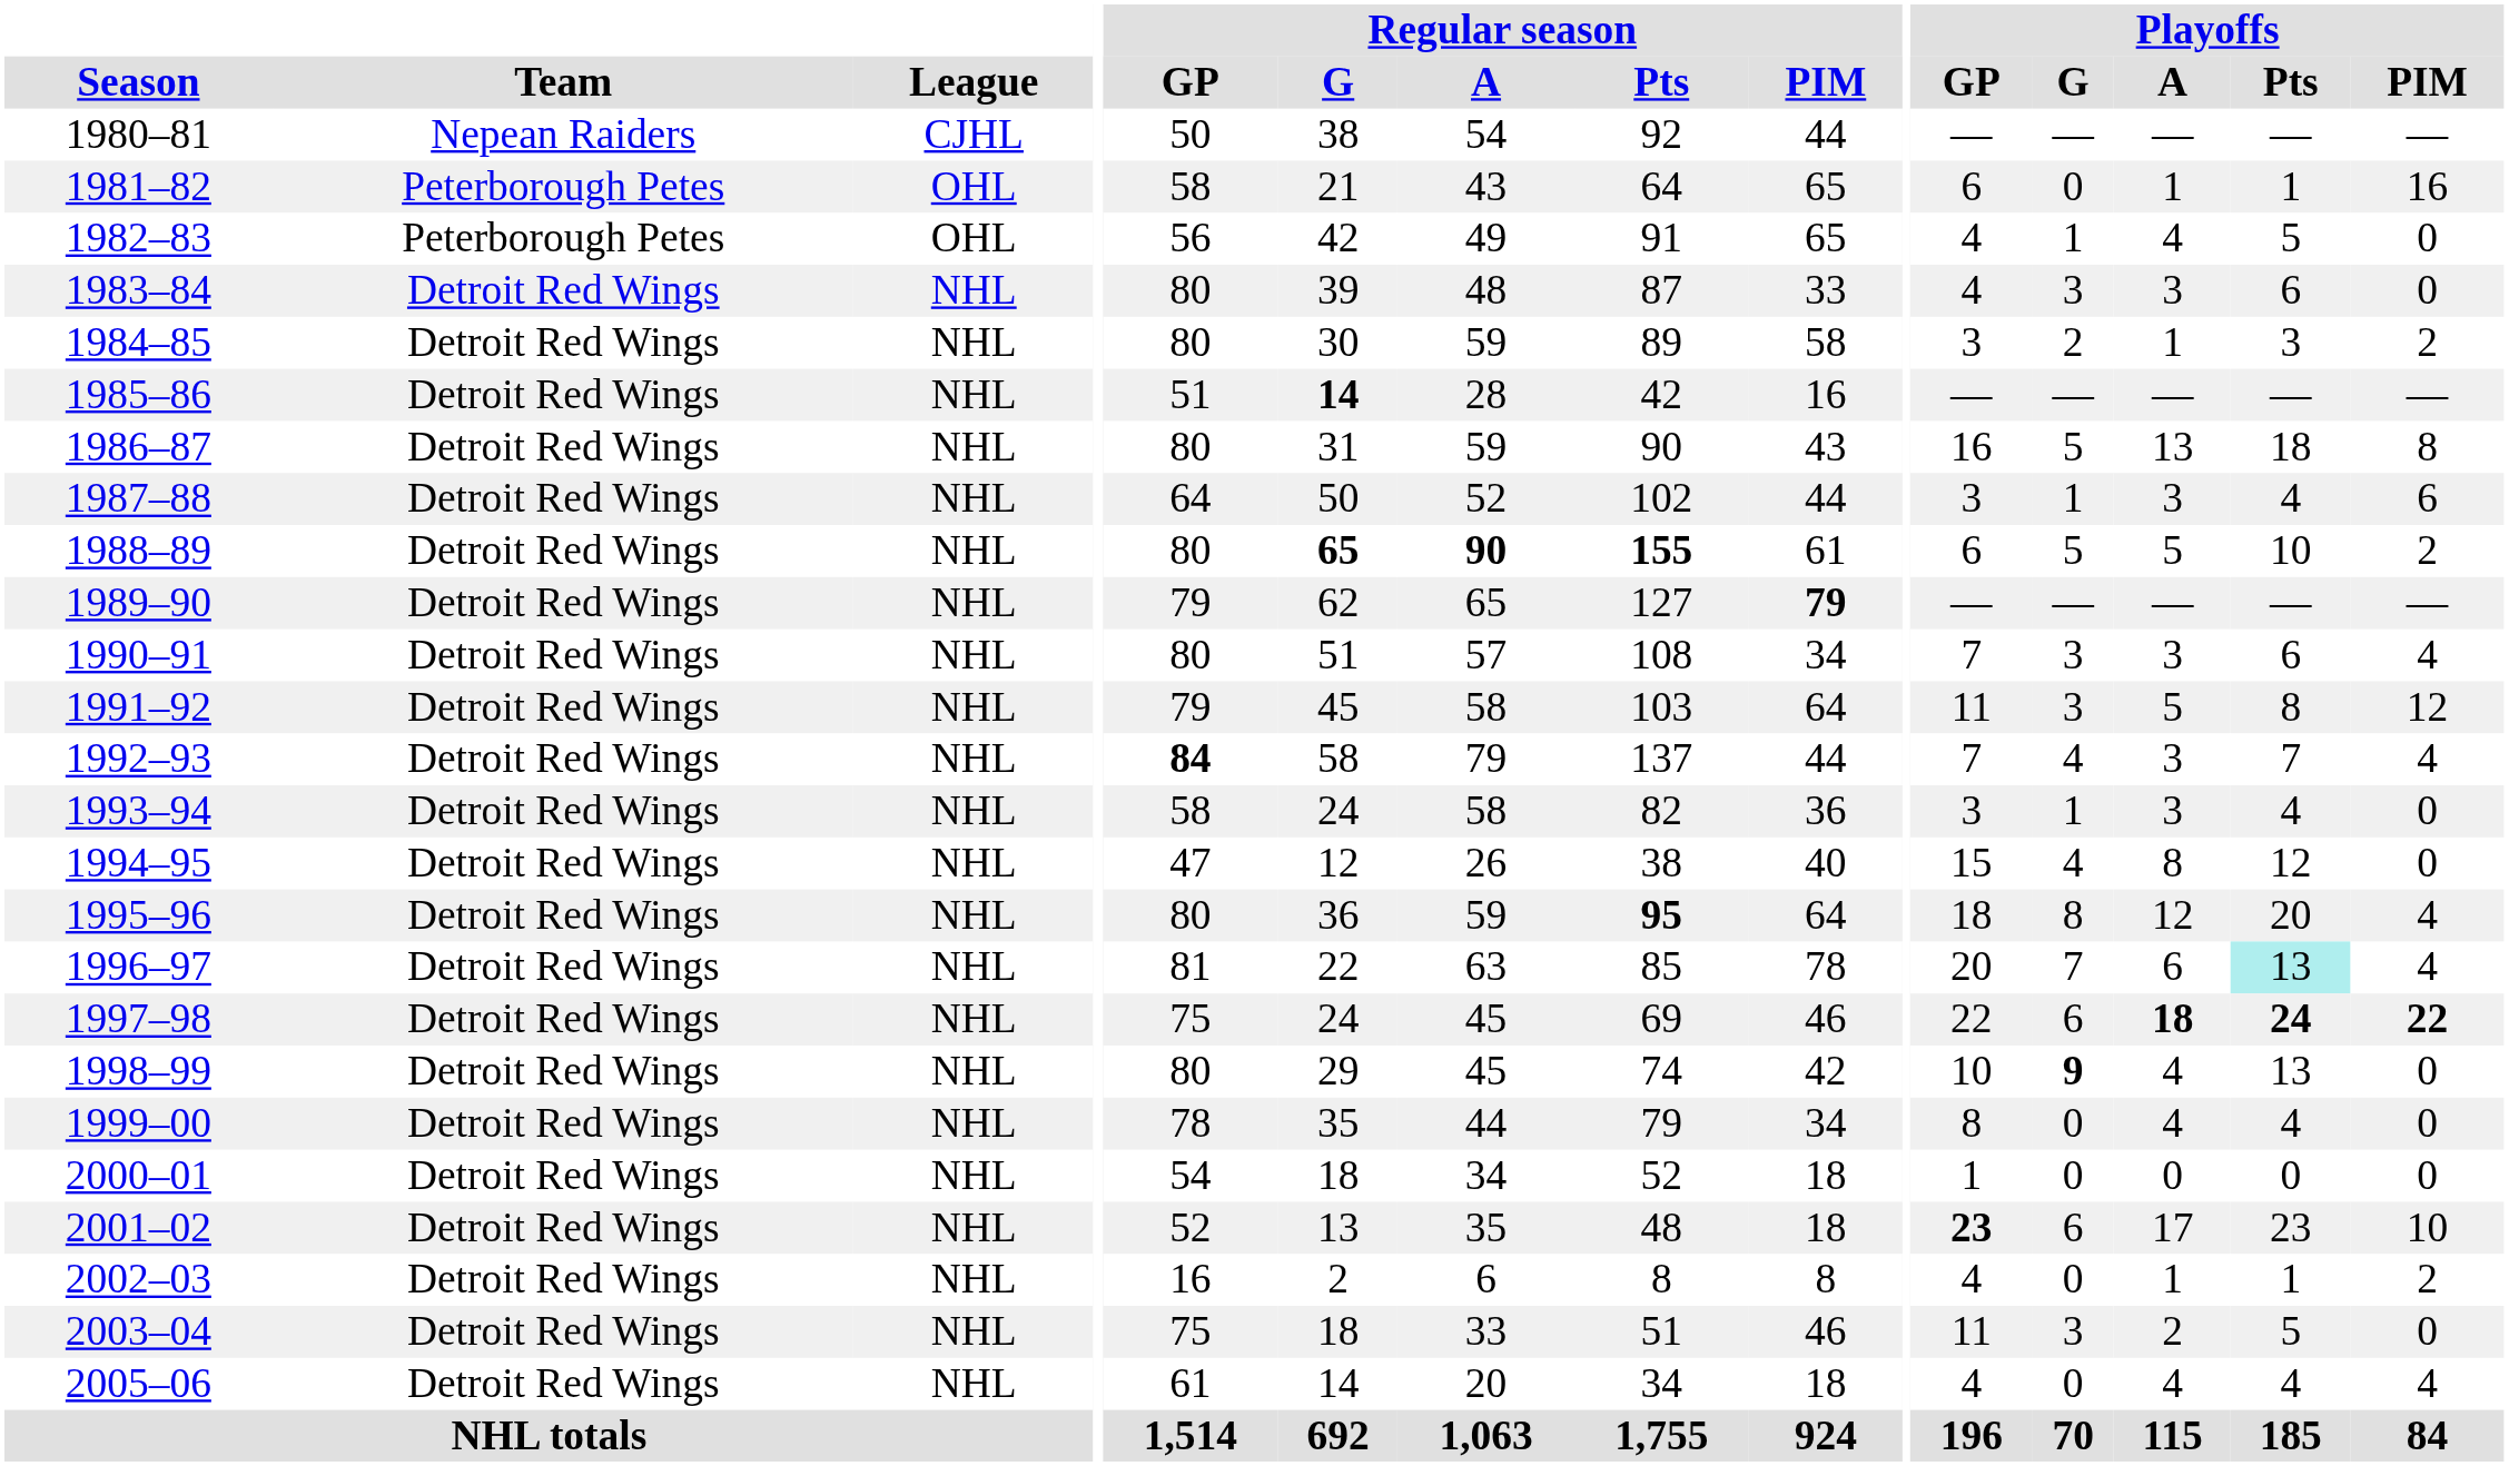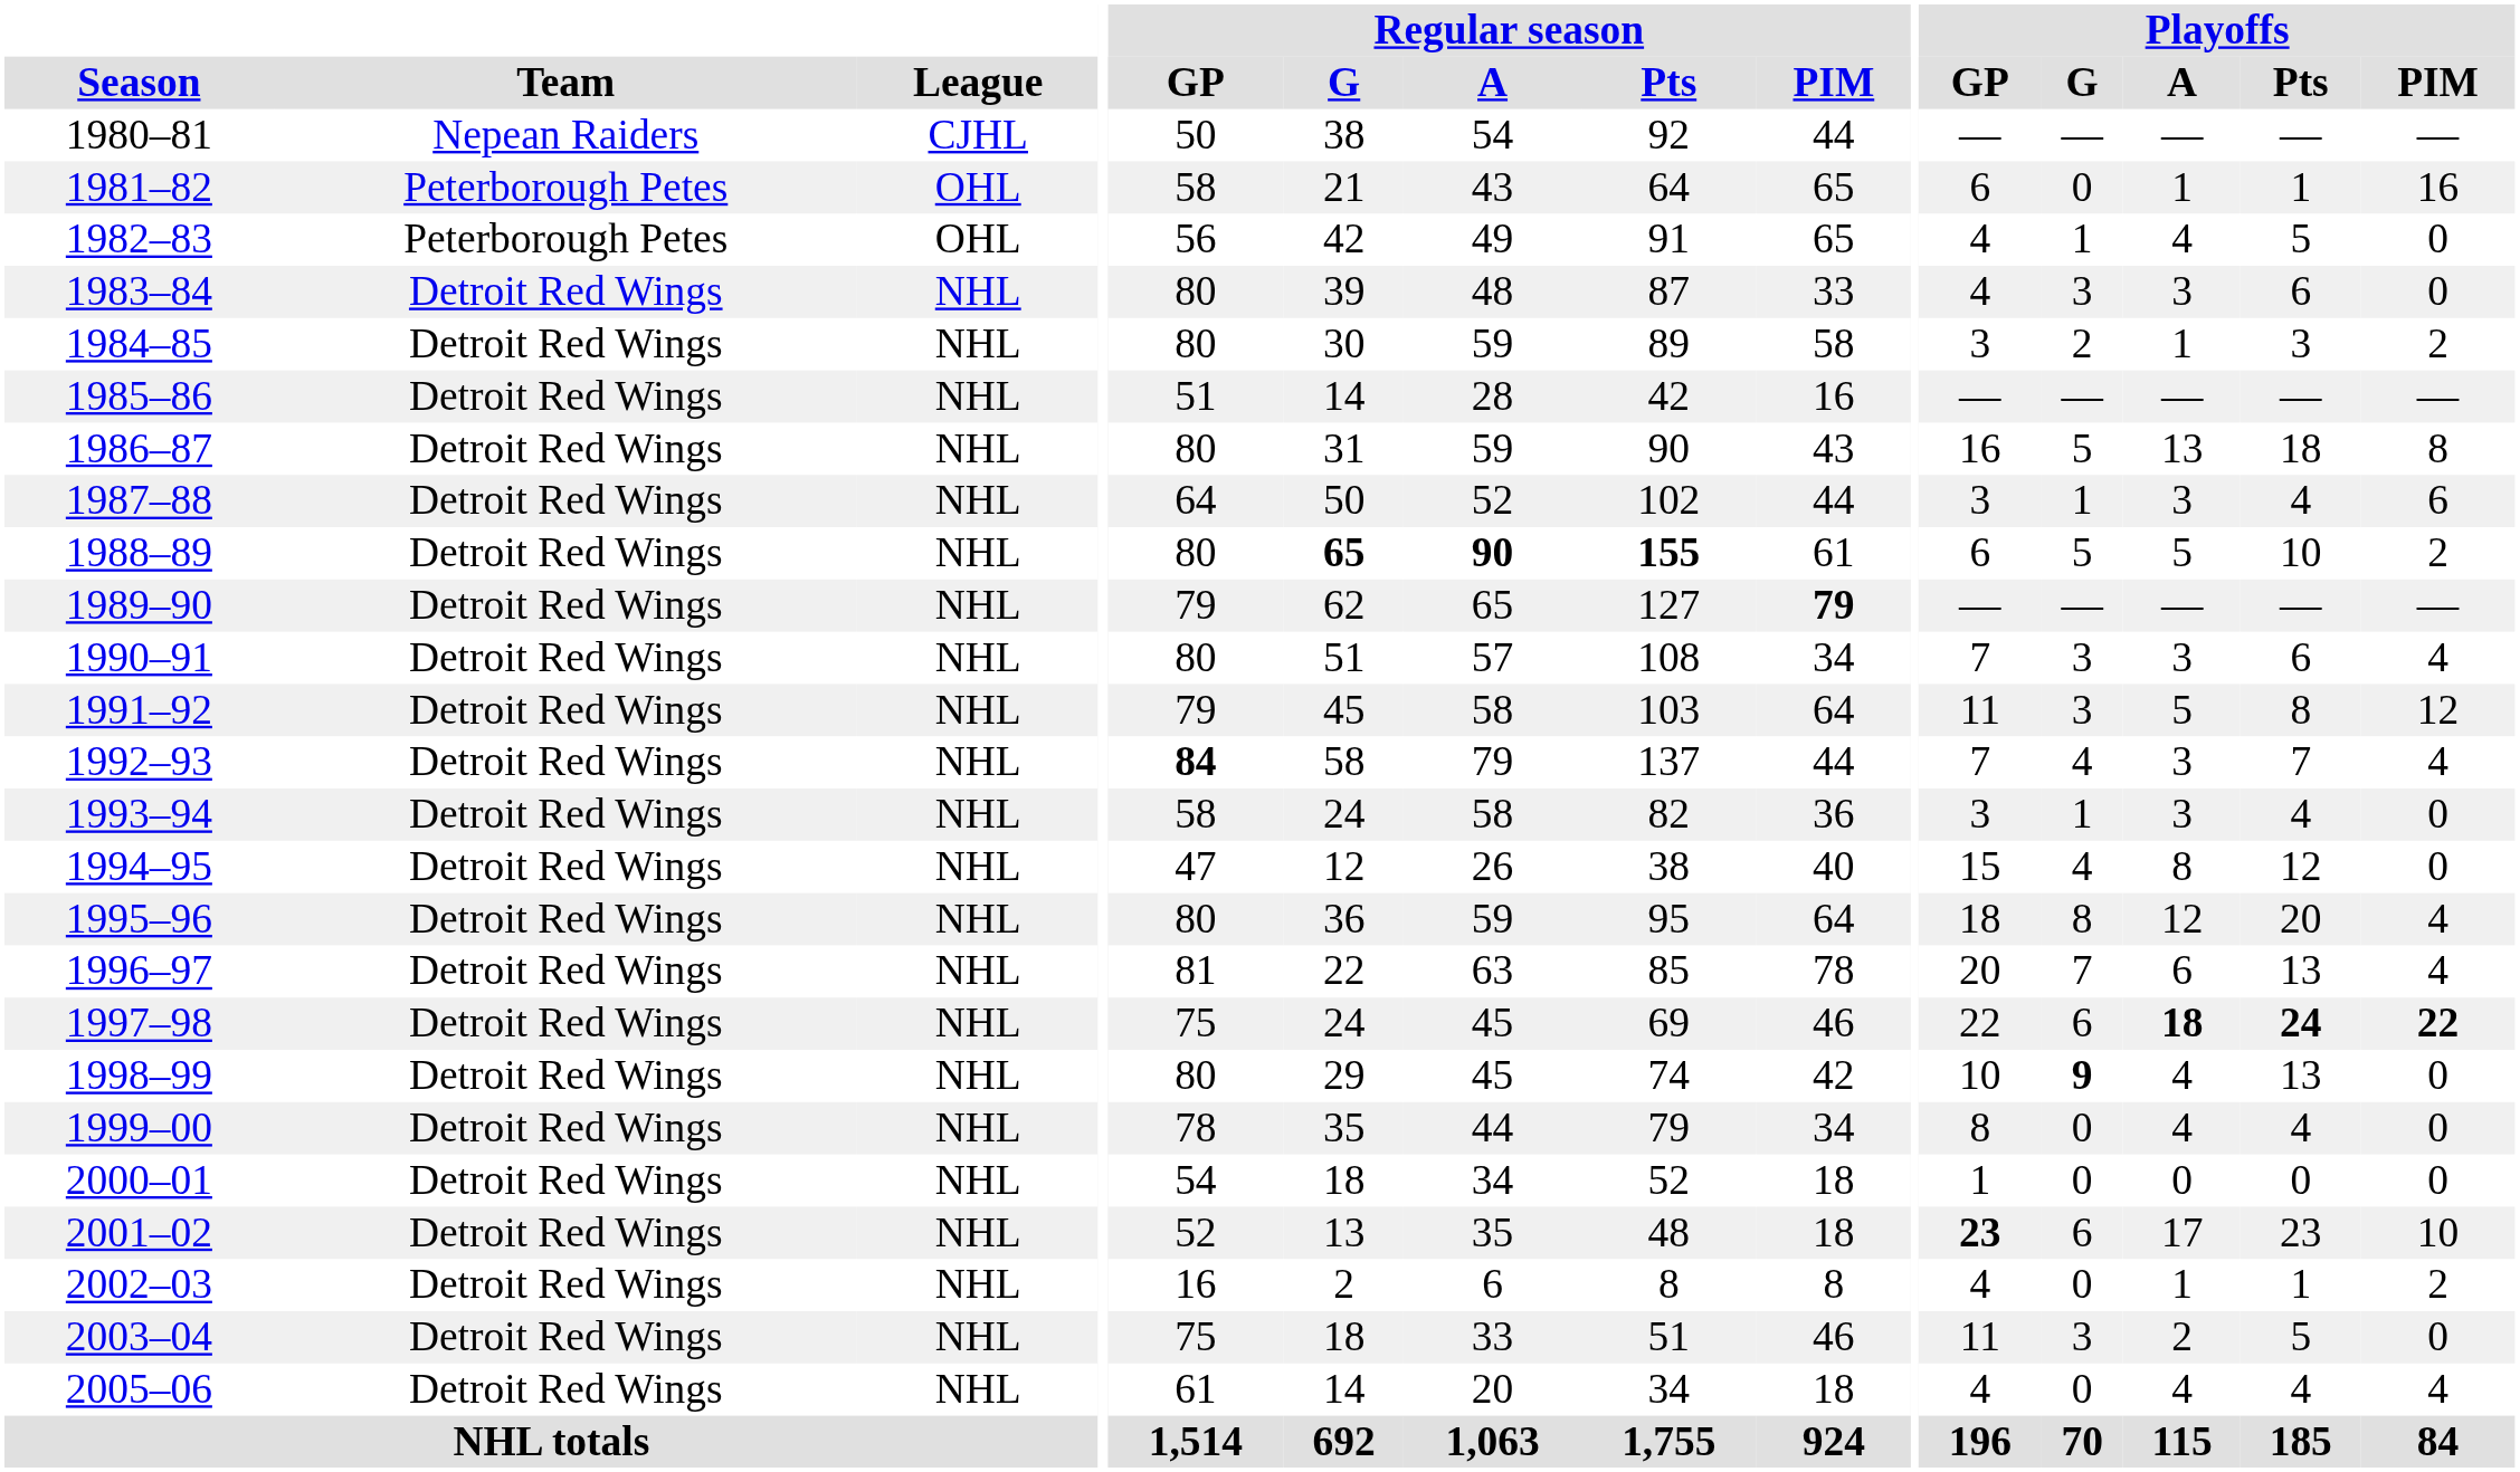 <table border="0" cellpadding="1" cellspacing="0" style="text-align:center; width:60em">
 <tr bgcolor="#e0e0e0">
 <th colspan="3" bgcolor="#ffffff"></th>
 <th rowspan="100" bgcolor="#ffffff"></th>
 <th colspan="5"><a href='#'>Regular season</a></th>
 <th rowspan="100" bgcolor="#ffffff"></th>
 <th colspan="5"><a href='#'>Playoffs</a></th>
 </tr>
 <tr bgcolor="#e0e0e0">
 <th><a href='#'>Season</a></th>
 <th>Team</th>
 <th>League</th>
 <th>GP</th>
 <th><a href='#'>G</a></th>
 <th><a href='#'>A</a></th>
 <th><a href='#'>Pts</a></th>
 <th><a href='#'>PIM</a></th>
 <th>GP</th>
 <th>G</th>
 <th>A</th>
 <th>Pts</th>
 <th>PIM</th>
 </tr>
 <tr>
 <td>1980–81</td>
 <td><a href='#'>Nepean Raiders</a></td>
 <td><a href='#'>CJHL</a></td>
 <td>50</td>
 <td>38</td>
 <td>54</td>
 <td>92</td>
 <td>44</td>
 <td>—</td>
 <td>—</td>
 <td>—</td>
 <td>—</td>
 <td>—</td>
 </tr>
 <tr bgcolor="#f0f0f0">
 <td><a href='#'>1981–82</a></td>
 <td><a href='#'>Peterborough Petes</a></td>
 <td><a href='#'>OHL</a></td>
 <td>58</td>
 <td>21</td>
 <td>43</td>
 <td>64</td>
 <td>65</td>
 <td>6</td>
 <td>0</td>
 <td>1</td>
 <td>1</td>
 <td>16</td>
 </tr>
 <tr>
 <td><a href='#'>1982–83</a></td>
 <td>Peterborough Petes</td>
 <td>OHL</td>
 <td>56</td>
 <td>42</td>
 <td>49</td>
 <td>91</td>
 <td>65</td>
 <td>4</td>
 <td>1</td>
 <td>4</td>
 <td>5</td>
 <td>0</td>
 </tr>
 <tr bgcolor="#f0f0f0">
 <td><a href='#'>1983–84</a></td>
 <td><a href='#'>Detroit Red Wings</a></td>
 <td><a href='#'>NHL</a></td>
 <td>80</td>
 <td>39</td>
 <td>48</td>
 <td>87</td>
 <td>33</td>
 <td>4</td>
 <td>3</td>
 <td>3</td>
 <td>6</td>
 <td>0</td>
 </tr>
 <tr>
 <td><a href='#'>1984–85</a></td>
 <td>Detroit Red Wings</td>
 <td>NHL</td>
 <td>80</td>
 <td>30</td>
 <td>59</td>
 <td>89</td>
 <td>58</td>
 <td>3</td>
 <td>2</td>
 <td>1</td>
 <td>3</td>
 <td>2</td>
 </tr>
 <tr bgcolor="#f0f0f0">
 <td><a href='#'>1985–86</a></td>
 <td>Detroit Red Wings</td>
 <td>NHL</td>
 <td>51</td>
-<td><strong>14</strong></td>
+<td>14</td>
 <td>28</td>
 <td>42</td>
 <td>16</td>
 <td>—</td>
 <td>—</td>
 <td>—</td>
 <td>—</td>
 <td>—</td>
 </tr>
 <tr>
 <td><a href='#'>1986–87</a></td>
 <td>Detroit Red Wings</td>
 <td>NHL</td>
 <td>80</td>
 <td>31</td>
 <td>59</td>
 <td>90</td>
 <td>43</td>
 <td>16</td>
 <td>5</td>
 <td>13</td>
 <td>18</td>
 <td>8</td>
 </tr>
 <tr bgcolor="#f0f0f0">
 <td><a href='#'>1987–88</a></td>
 <td>Detroit Red Wings</td>
 <td>NHL</td>
 <td>64</td>
 <td>50</td>
 <td>52</td>
 <td>102</td>
 <td>44</td>
 <td>3</td>
 <td>1</td>
 <td>3</td>
 <td>4</td>
 <td>6</td>
 </tr>
 <tr>
 <td><a href='#'>1988–89</a></td>
 <td>Detroit Red Wings</td>
 <td>NHL</td>
 <td>80</td>
 <td><strong>65</strong></td>
 <td><strong>90</strong></td>
 <td><strong>155</strong></td>
 <td>61</td>
 <td>6</td>
 <td>5</td>
 <td>5</td>
 <td>10</td>
 <td>2</td>
 </tr>
 <tr bgcolor="#f0f0f0">
 <td><a href='#'>1989–90</a></td>
 <td>Detroit Red Wings</td>
 <td>NHL</td>
 <td>79</td>
 <td>62</td>
 <td>65</td>
 <td>127</td>
 <td><strong>79</strong></td>
 <td>—</td>
 <td>—</td>
 <td>—</td>
 <td>—</td>
 <td>—</td>
 </tr>
 <tr>
 <td><a href='#'>1990–91</a></td>
 <td>Detroit Red Wings</td>
 <td>NHL</td>
 <td>80</td>
 <td>51</td>
 <td>57</td>
 <td>108</td>
 <td>34</td>
 <td>7</td>
 <td>3</td>
 <td>3</td>
 <td>6</td>
 <td>4</td>
 </tr>
 <tr bgcolor="#f0f0f0">
 <td><a href='#'>1991–92</a></td>
 <td>Detroit Red Wings</td>
 <td>NHL</td>
 <td>79</td>
 <td>45</td>
 <td>58</td>
 <td>103</td>
 <td>64</td>
 <td>11</td>
 <td>3</td>
 <td>5</td>
 <td>8</td>
 <td>12</td>
 </tr>
 <tr>
 <td><a href='#'>1992–93</a></td>
 <td>Detroit Red Wings</td>
 <td>NHL</td>
 <td><strong>84</strong></td>
 <td>58</td>
 <td>79</td>
 <td>137</td>
 <td>44</td>
 <td>7</td>
 <td>4</td>
 <td>3</td>
 <td>7</td>
 <td>4</td>
 </tr>
 <tr bgcolor="#f0f0f0">
 <td><a href='#'>1993–94</a></td>
 <td>Detroit Red Wings</td>
 <td>NHL</td>
 <td>58</td>
 <td>24</td>
 <td>58</td>
 <td>82</td>
 <td>36</td>
 <td>3</td>
 <td>1</td>
 <td>3</td>
 <td>4</td>
 <td>0</td>
 </tr>
 <tr>
 <td><a href='#'>1994–95</a></td>
 <td>Detroit Red Wings</td>
 <td>NHL</td>
 <td>47</td>
 <td>12</td>
 <td>26</td>
 <td>38</td>
 <td>40</td>
 <td>15</td>
 <td>4</td>
 <td>8</td>
 <td>12</td>
 <td>0</td>
 </tr>
 <tr bgcolor="#f0f0f0">
 <td><a href='#'>1995–96</a></td>
 <td>Detroit Red Wings</td>
 <td>NHL</td>
 <td>80</td>
 <td>36</td>
 <td>59</td>
-<td><strong>95</strong></td>
+<td>95</td>
 <td>64</td>
 <td>18</td>
 <td>8</td>
 <td>12</td>
 <td>20</td>
 <td>4</td>
 </tr>
 <tr>
 <td><a href='#'>1996–97</a></td>
 <td>Detroit Red Wings</td>
 <td>NHL</td>
 <td>81</td>
 <td>22</td>
 <td>63</td>
 <td>85</td>
 <td>78</td>
 <td>20</td>
 <td>7</td>
 <td>6</td>
-<td style="background: paleturquoise;">13</td>
+<td>13</td>
 <td>4</td>
 </tr>
 <tr bgcolor="#f0f0f0">
 <td><a href='#'>1997–98</a></td>
 <td>Detroit Red Wings</td>
 <td>NHL</td>
 <td>75</td>
 <td>24</td>
 <td>45</td>
 <td>69</td>
 <td>46</td>
 <td>22</td>
 <td>6</td>
 <td><strong>18</strong></td>
 <td><strong>24</strong></td>
 <td><strong>22</strong></td>
 </tr>
 <tr>
 <td><a href='#'>1998–99</a></td>
 <td>Detroit Red Wings</td>
 <td>NHL</td>
 <td>80</td>
 <td>29</td>
 <td>45</td>
 <td>74</td>
 <td>42</td>
 <td>10</td>
 <td><strong>9</strong></td>
 <td>4</td>
 <td>13</td>
 <td>0</td>
 </tr>
 <tr bgcolor="#f0f0f0">
 <td><a href='#'>1999–00</a></td>
 <td>Detroit Red Wings</td>
 <td>NHL</td>
 <td>78</td>
 <td>35</td>
 <td>44</td>
 <td>79</td>
 <td>34</td>
 <td>8</td>
 <td>0</td>
 <td>4</td>
 <td>4</td>
 <td>0</td>
 </tr>
 <tr>
 <td><a href='#'>2000–01</a></td>
 <td>Detroit Red Wings</td>
 <td>NHL</td>
 <td>54</td>
 <td>18</td>
 <td>34</td>
 <td>52</td>
 <td>18</td>
 <td>1</td>
 <td>0</td>
 <td>0</td>
 <td>0</td>
 <td>0</td>
 </tr>
 <tr bgcolor="#f0f0f0">
 <td><a href='#'>2001–02</a></td>
 <td>Detroit Red Wings</td>
 <td>NHL</td>
 <td>52</td>
 <td>13</td>
 <td>35</td>
 <td>48</td>
 <td>18</td>
 <td><strong>23</strong></td>
 <td>6</td>
 <td>17</td>
 <td>23</td>
 <td>10</td>
 </tr>
 <tr>
 <td><a href='#'>2002–03</a></td>
 <td>Detroit Red Wings</td>
 <td>NHL</td>
 <td>16</td>
 <td>2</td>
 <td>6</td>
 <td>8</td>
 <td>8</td>
 <td>4</td>
 <td>0</td>
 <td>1</td>
 <td>1</td>
 <td>2</td>
 </tr>
 <tr bgcolor="#f0f0f0">
 <td><a href='#'>2003–04</a></td>
 <td>Detroit Red Wings</td>
 <td>NHL</td>
 <td>75</td>
 <td>18</td>
 <td>33</td>
 <td>51</td>
 <td>46</td>
 <td>11</td>
 <td>3</td>
 <td>2</td>
 <td>5</td>
 <td>0</td>
 </tr>
 <tr>
 <td><a href='#'>2005–06</a></td>
 <td>Detroit Red Wings</td>
 <td>NHL</td>
 <td>61</td>
 <td>14</td>
 <td>20</td>
 <td>34</td>
 <td>18</td>
 <td>4</td>
 <td>0</td>
 <td>4</td>
 <td>4</td>
 <td>4</td>
 </tr>
 <tr bgcolor="#e0e0e0">
 <th colspan="3">NHL totals</th>
 <th>1,514</th>
 <th>692</th>
 <th>1,063</th>
 <th>1,755</th>
 <th>924</th>
 <th>196</th>
 <th>70</th>
 <th>115</th>
 <th>185</th>
 <th>84</th>
 </tr>
 </table>
